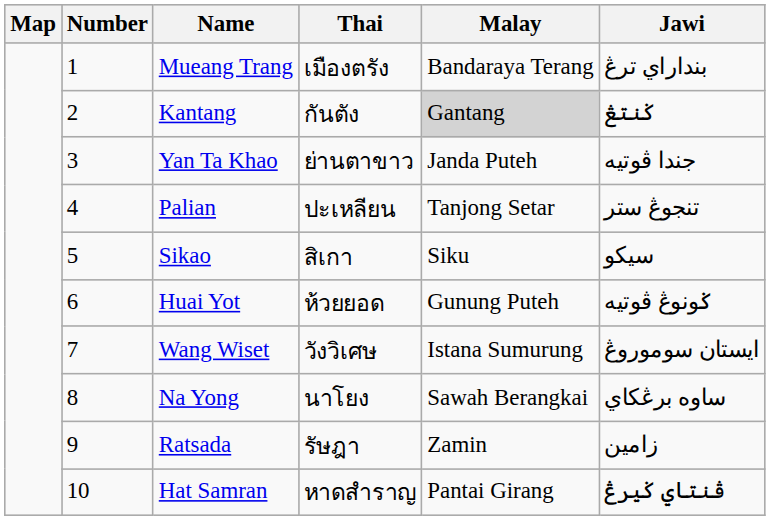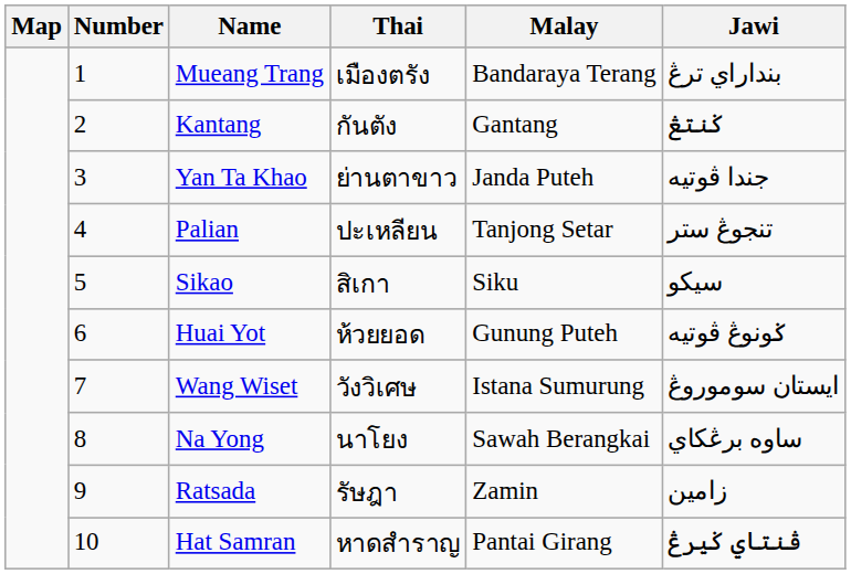 <table class="wikitable"  style="font-size:90%;">
 <tr>
 <th>Map</th>
 <th>Number</th>
 <th>Name</th>
 <th>Thai</th>
 <th>Malay</th>
 <th>Jawi</th>
 </tr>
 <tr>
 <td rowspan="12"></td>
 <td>1</td>
 <td><a href='#'>Mueang Trang</a></td>
 <td>เมืองตรัง</td>
 <td>Bandaraya Terang</td>
 <td>بنداراي ترڠ</td>
 </tr>
 <tr>
 <td>2</td>
 <td><a href='#'>Kantang</a></td>
 <td>กันตัง</td>
-<td style="background: lightgrey;">Gantang</td>
+<td>Gantang</td>
 <td>ݢنتڠ</td>
 </tr>
 <tr>
 <td>3</td>
 <td><a href='#'>Yan Ta Khao</a></td>
 <td>ย่านตาขาว</td>
 <td>Janda Puteh</td>
 <td>جندا ڤوتيه</td>
 </tr>
 <tr>
 <td>4</td>
 <td><a href='#'>Palian</a></td>
 <td>ปะเหลียน</td>
 <td>Tanjong Setar</td>
 <td>تنجوڠ ستر</td>
 </tr>
 <tr>
 <td>5</td>
 <td><a href='#'>Sikao</a></td>
 <td>สิเกา</td>
 <td>Siku</td>
 <td>سيکو</td>
 </tr>
 <tr>
 <td>6</td>
 <td><a href='#'>Huai Yot</a></td>
 <td>ห้วยยอด</td>
 <td>Gunung Puteh</td>
 <td>ݢونوڠ ڤوتيه</td>
 </tr>
 <tr>
 <td>7</td>
 <td><a href='#'>Wang Wiset</a></td>
 <td>วังวิเศษ</td>
 <td>Istana Sumurung</td>
 <td>ايستان سوموروڠ</td>
 </tr>
 <tr>
 <td>8</td>
 <td><a href='#'>Na Yong</a></td>
 <td>นาโยง</td>
 <td>Sawah Berangkai</td>
 <td>ساوه برڠکاي</td>
 </tr>
 <tr>
 <td>9</td>
 <td><a href='#'>Ratsada</a></td>
 <td>รัษฎา</td>
 <td>Zamin</td>
 <td>زامين</td>
 </tr>
 <tr>
 <td>10</td>
 <td><a href='#'>Hat Samran</a></td>
 <td>หาดสำราญ</td>
 <td>Pantai Girang</td>
 <td>ڤنتاي ݢيرڠ</td>
 </tr>
 </table>
